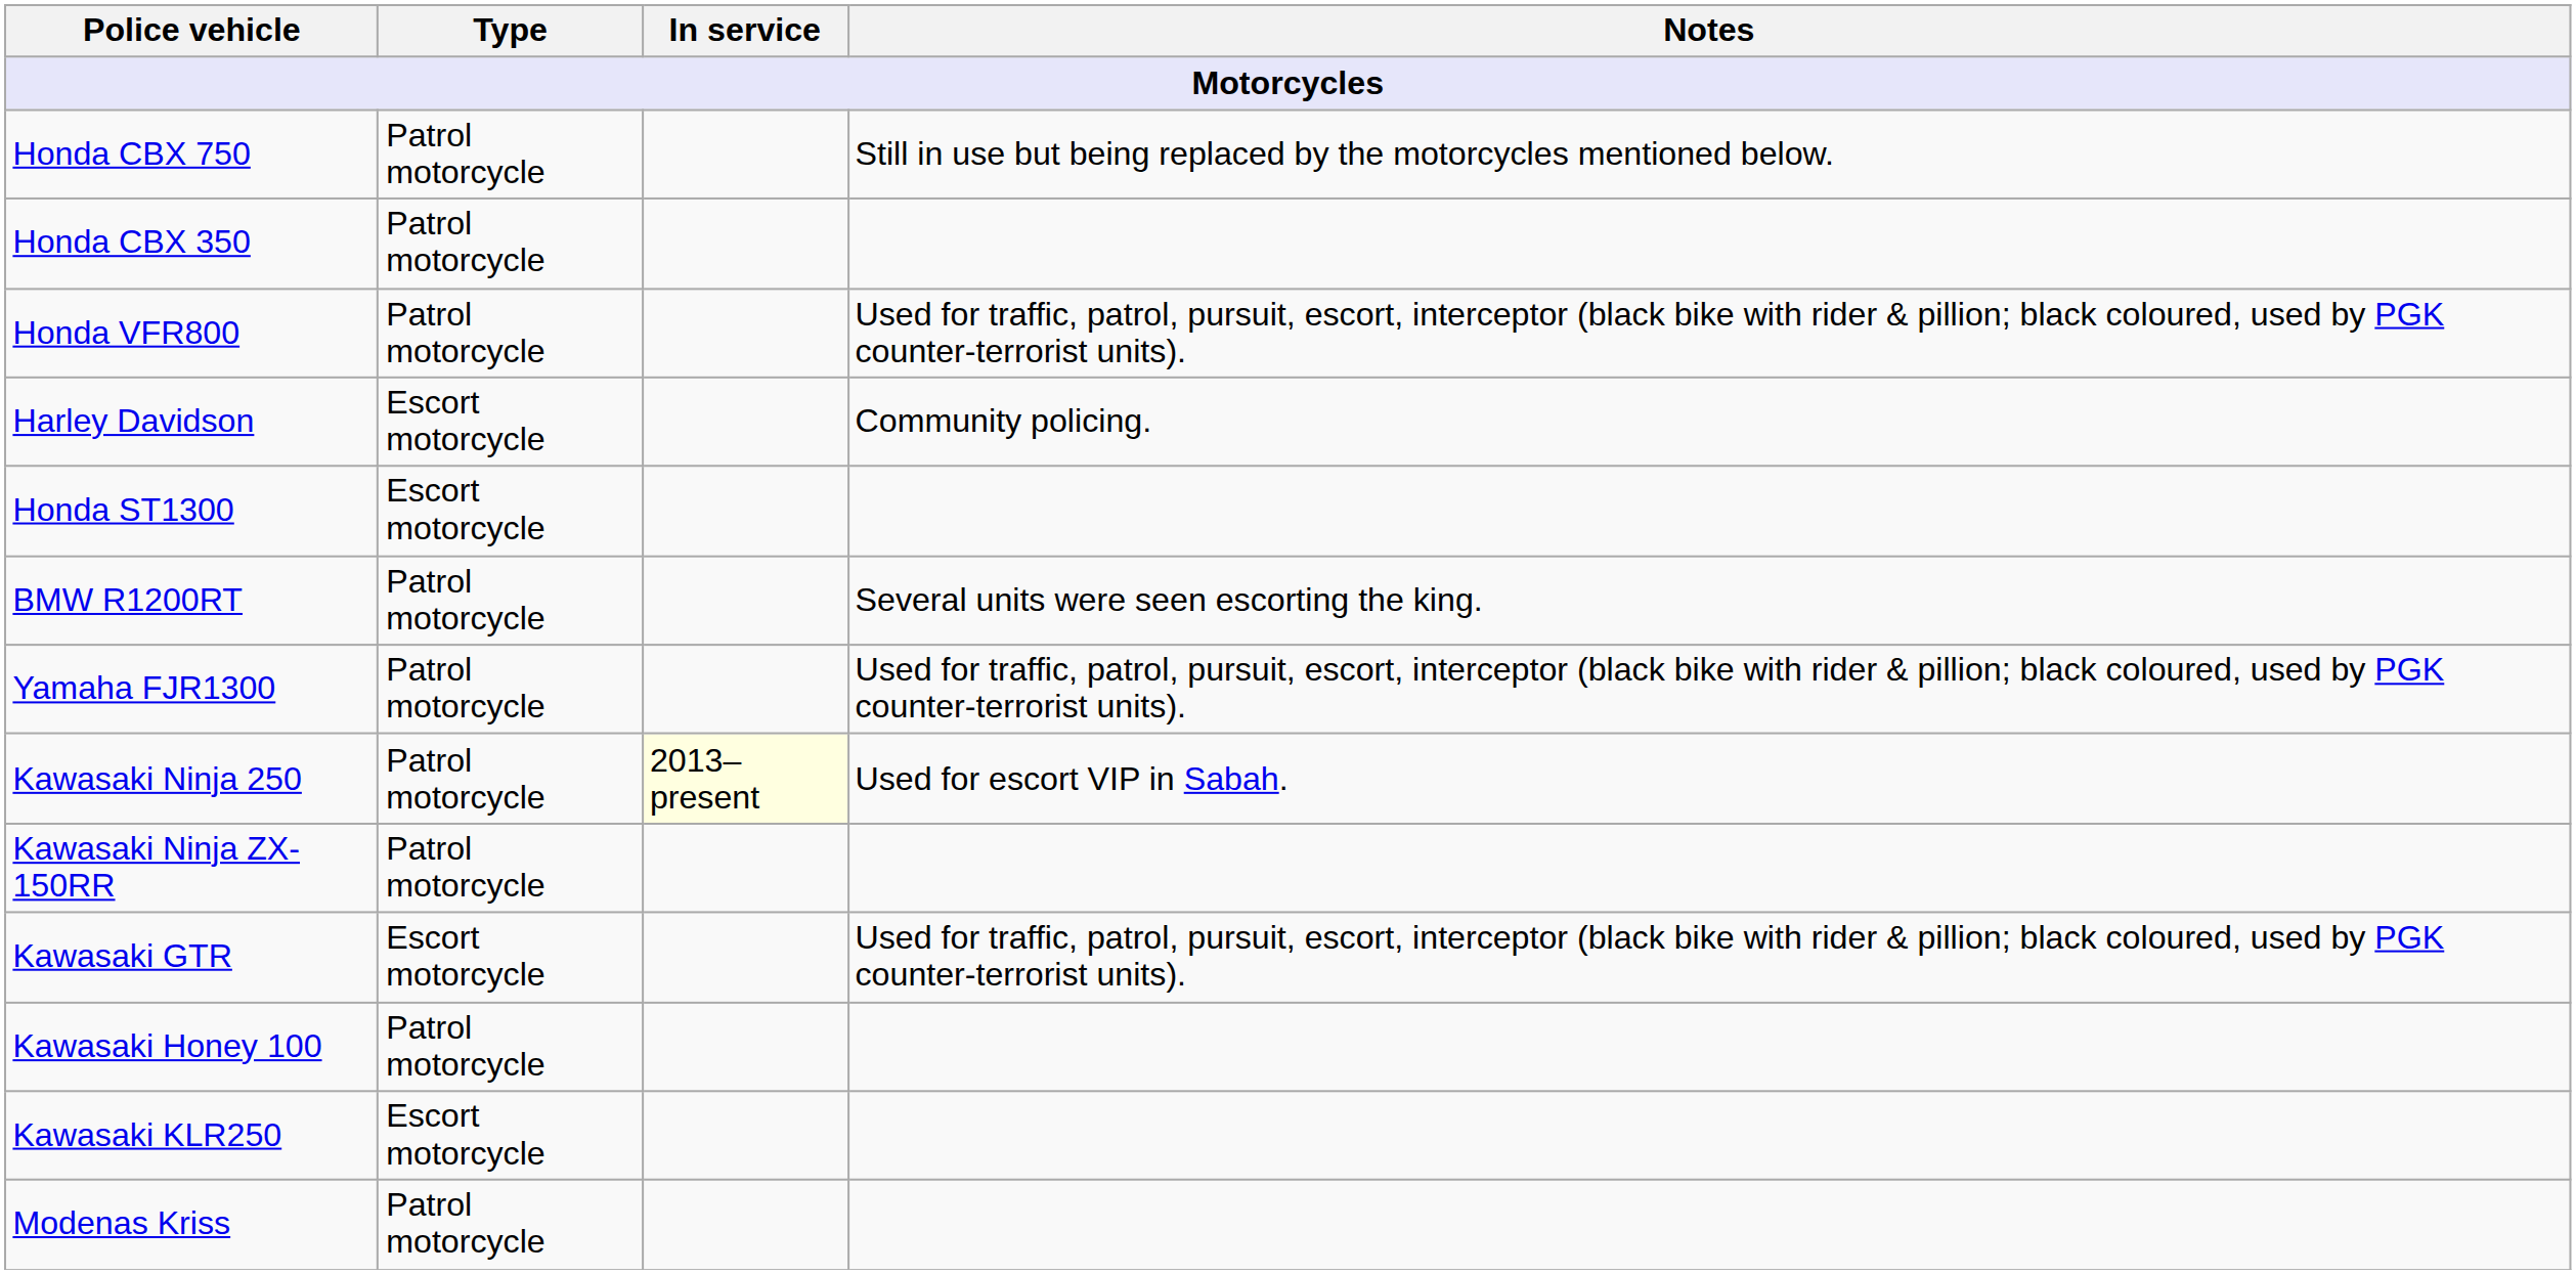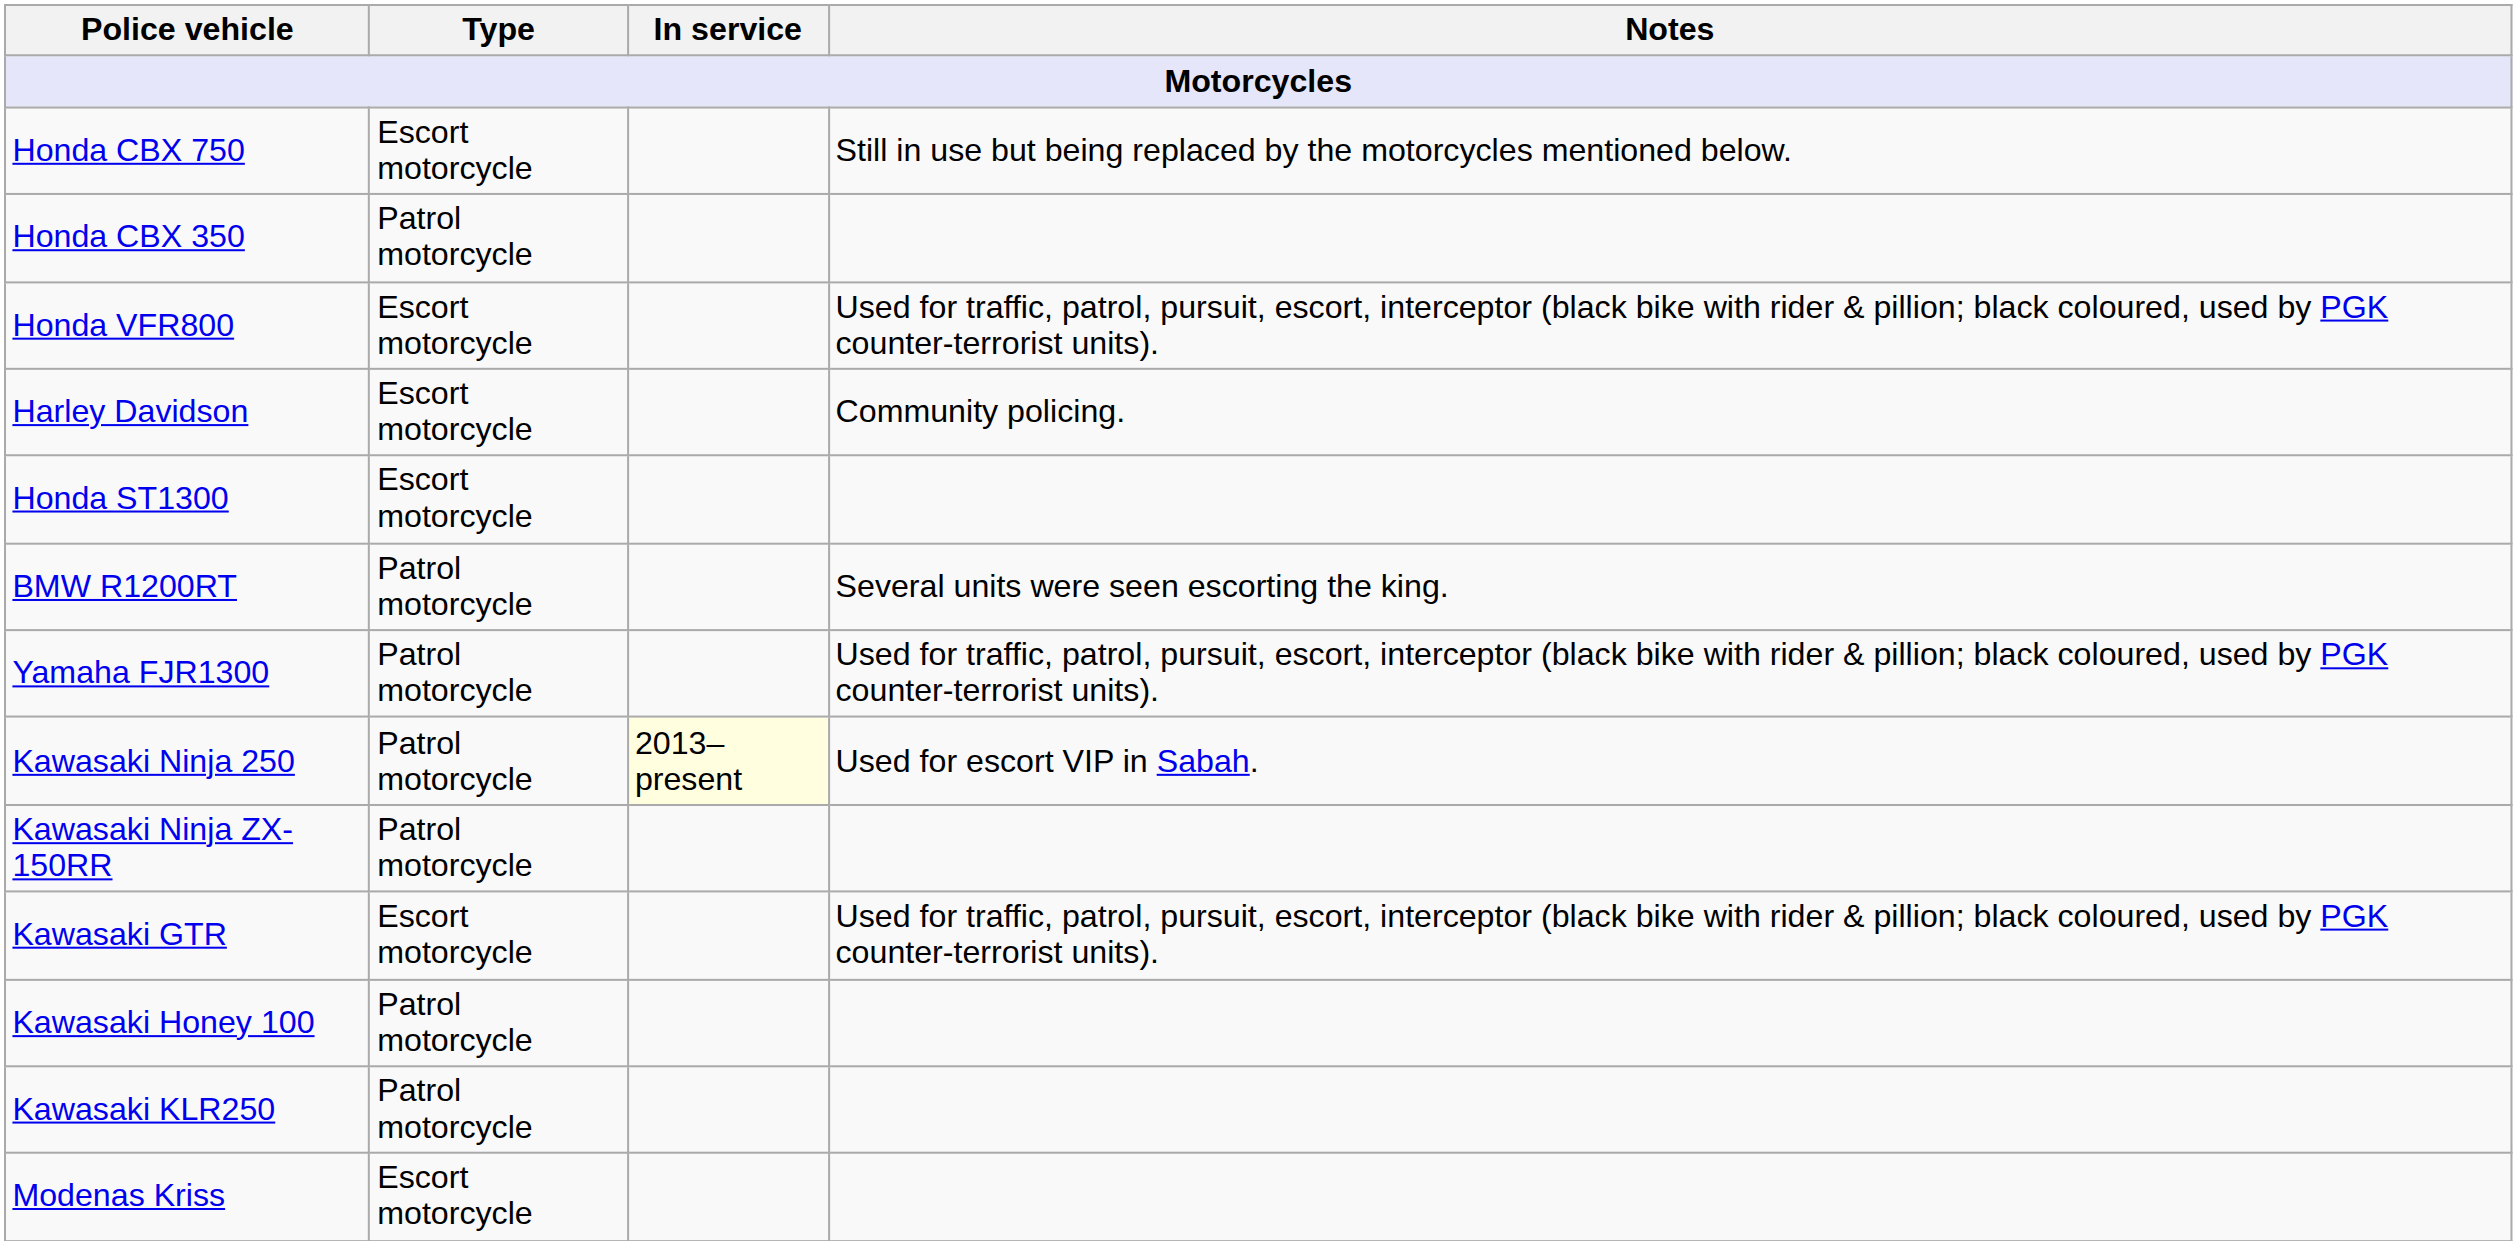 <table class="wikitable">
 <tr>
 <th style="text-align: center;">Police vehicle</th>
 <th style="text-align: center;">Type</th>
 <th style="text-align: center;">In service</th>
 <th style="text-align: center;">Notes</th>
 </tr>
 <tr>
 <th style="align: center; background: lavender;" colspan="7">Motorcycles</th>
 </tr>
 <tr>
 <td><a href='#'>Honda CBX 750</a></td>
-<td>Patrol motorcycle</td>
+<td>Escort motorcycle</td>
 <td></td>
 <td>Still in use but being replaced by the motorcycles mentioned below.</td>
 </tr>
 <tr>
 <td><a href='#'>Honda CBX 350</a></td>
 <td>Patrol motorcycle</td>
 <td></td>
 <td></td>
 </tr>
 <tr>
 <td><a href='#'>Honda VFR800</a></td>
-<td>Patrol motorcycle</td>
+<td>Escort motorcycle</td>
 <td></td>
 <td>Used for traffic, patrol, pursuit, escort, interceptor (black bike with rider & pillion; black coloured, used by <a href='#'>PGK</a> counter-terrorist units).</td>
 </tr>
 <tr>
 <td><a href='#'>Harley Davidson</a></td>
 <td>Escort motorcycle</td>
 <td></td>
 <td>Community policing.</td>
 </tr>
 <tr>
 <td><a href='#'>Honda ST1300</a></td>
 <td>Escort motorcycle</td>
 <td></td>
 <td></td>
 </tr>
 <tr>
 <td><a href='#'>BMW R1200RT</a></td>
 <td>Patrol motorcycle</td>
 <td></td>
 <td>Several units were seen escorting the king.</td>
 </tr>
 <tr>
 <td><a href='#'>Yamaha FJR1300</a></td>
 <td>Patrol motorcycle</td>
 <td></td>
 <td>Used for traffic, patrol, pursuit, escort, interceptor (black bike with rider & pillion; black coloured, used by <a href='#'>PGK</a> counter-terrorist units).</td>
 </tr>
 <tr>
 <td><a href='#'>Kawasaki Ninja 250</a></td>
 <td>Patrol motorcycle</td>
 <td style="background: lightyellow;">2013–present</td>
 <td>Used for escort VIP in <a href='#'>Sabah</a>.</td>
 </tr>
 <tr>
 <td><a href='#'>Kawasaki Ninja ZX-150RR</a></td>
 <td>Patrol motorcycle</td>
 <td></td>
 <td></td>
 </tr>
 <tr>
 <td><a href='#'>Kawasaki GTR</a></td>
 <td>Escort motorcycle</td>
 <td></td>
 <td>Used for traffic, patrol, pursuit, escort, interceptor (black bike with rider & pillion; black coloured, used by <a href='#'>PGK</a> counter-terrorist units).</td>
 </tr>
 <tr>
 <td><a href='#'>Kawasaki Honey 100</a></td>
 <td>Patrol motorcycle</td>
 <td></td>
 <td></td>
 </tr>
 <tr>
 <td><a href='#'>Kawasaki KLR250</a></td>
-<td>Escort motorcycle</td>
+<td>Patrol motorcycle</td>
 <td></td>
 <td></td>
 </tr>
 <tr>
 <td><a href='#'>Modenas Kriss</a></td>
-<td>Patrol motorcycle</td>
+<td>Escort motorcycle</td>
 <td></td>
 <td></td>
 </tr>
 </table>
